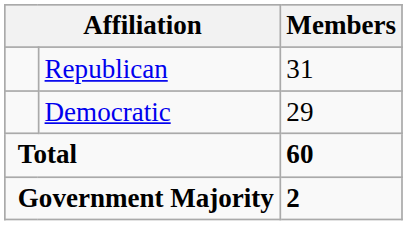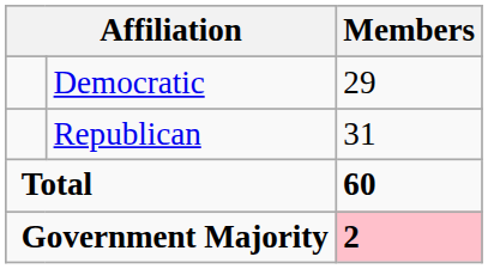 <table class="wikitable">
 <tr>
 <th colspan="2">Affiliation</th>
 <th>Members</th>
 </tr>
 <tr>
 <td style="background-color:"> </td>
-<td><a href='#'>Republican</a></td>
-<td>31</td>
+<td><a href='#'>Democratic</a></td>
+<td>29</td>
 </tr>
 <tr>
 <td style="background-color:"> </td>
-<td><a href='#'>Democratic</a></td>
-<td>29</td>
+<td><a href='#'>Republican</a></td>
+<td>31</td>
 </tr>
 <tr>
 <td colspan="2" rowspan="1"> <strong>Total</strong></td>
 <td><strong>60</strong></td>
 </tr>
 <tr>
 <td colspan="2" rowspan="1"> <strong>Government Majority</strong></td>
-<td><strong>2</strong></td>
+<td style="background: pink;"><strong>2</strong></td>
 </tr>
 </table>
